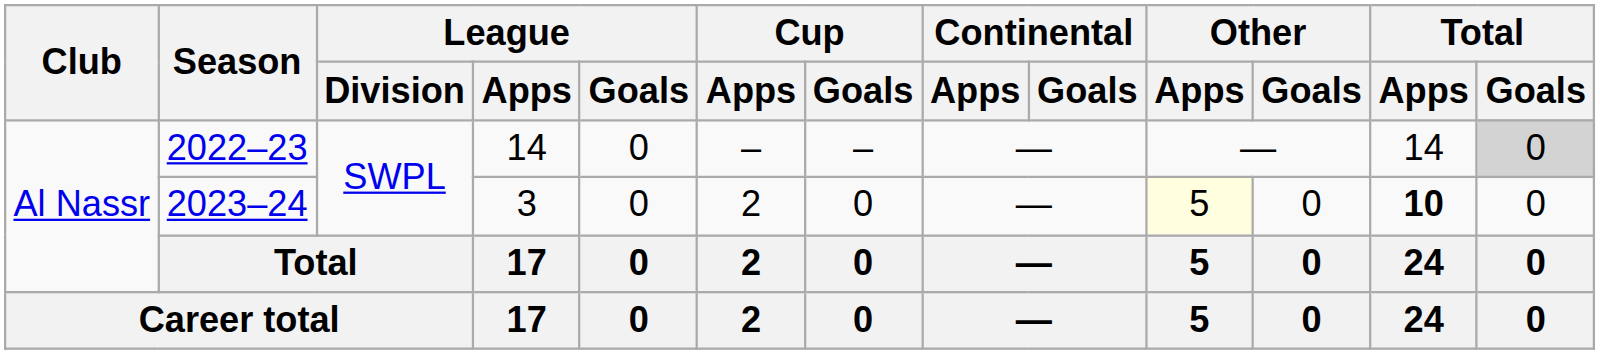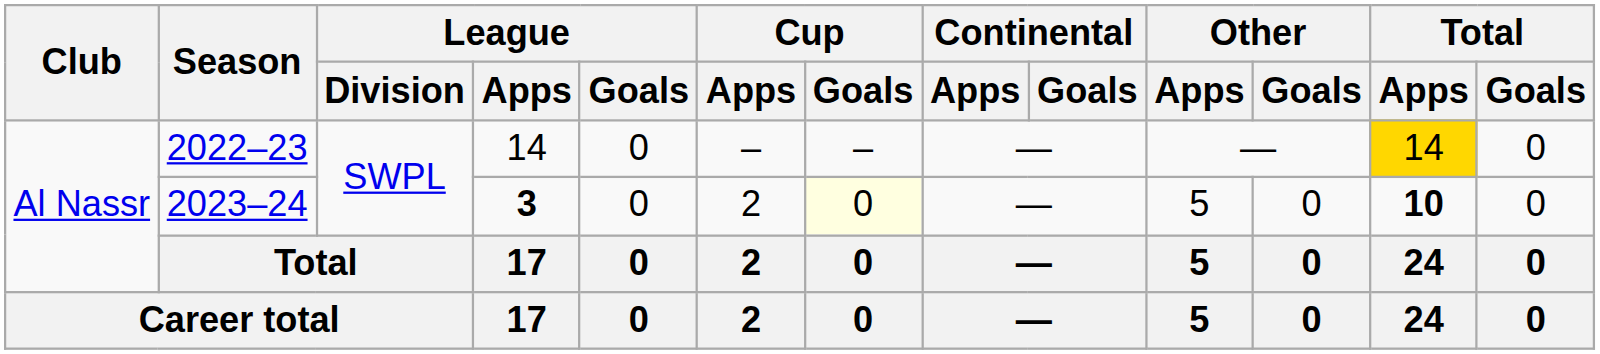 <table class="wikitable" style="text-align: center;">
 <tr>
 <th rowspan="2">Club</th>
 <th rowspan="2">Season</th>
 <th colspan="3">League</th>
 <th colspan="2">Cup</th>
 <th colspan="2">Continental</th>
 <th colspan="2">Other</th>
 <th colspan="2">Total</th>
 </tr>
 <tr>
 <th>Division</th>
 <th>Apps</th>
 <th>Goals</th>
 <th>Apps</th>
 <th>Goals</th>
 <th>Apps</th>
 <th>Goals</th>
 <th>Apps</th>
 <th>Goals</th>
 <th>Apps</th>
 <th>Goals</th>
 </tr>
 <tr>
 <td rowspan="3"><a href='#'>Al Nassr</a></td>
 <td><a href='#'>2022–23</a></td>
 <td rowspan="2"><a href='#'>SWPL</a></td>
 <td>14</td>
 <td>0</td>
 <td>–</td>
 <td>–</td>
 <td colspan="2">—</td>
 <td colspan="2">—</td>
-<td>14</td>
-<td style="background: lightgrey;">0</td>
+<td style="background: gold;">14</td>
+<td>0</td>
 </tr>
 <tr>
 <td><a href='#'>2023–24</a></td>
-<td>3</td>
+<td><strong>3</strong></td>
 <td>0</td>
 <td>2</td>
-<td>0</td>
+<td style="background: lightyellow;">0</td>
 <td colspan="2">—</td>
-<td style="background: lightyellow;">5</td>
+<td>5</td>
 <td>0</td>
 <td><strong>10</strong></td>
 <td>0</td>
 </tr>
 <tr>
 <th colspan="2">Total</th>
 <th>17</th>
 <th>0</th>
 <th>2</th>
 <th>0</th>
 <th colspan="2">—</th>
 <th>5</th>
 <th>0</th>
 <th>24</th>
 <th>0</th>
 </tr>
 <tr>
 <th colspan="3">Career total</th>
 <th>17</th>
 <th>0</th>
 <th>2</th>
 <th>0</th>
 <th colspan="2">—</th>
 <th>5</th>
 <th>0</th>
 <th>24</th>
 <th>0</th>
 </tr>
 </table>
